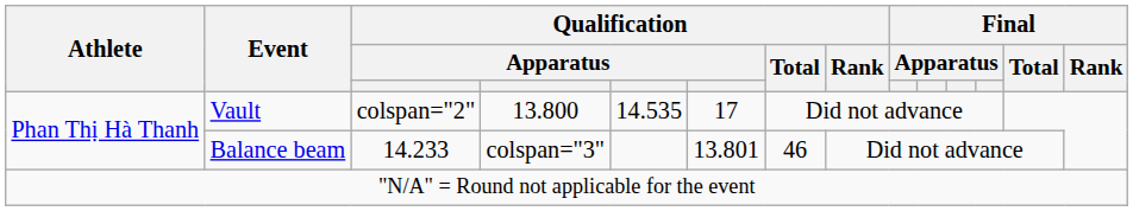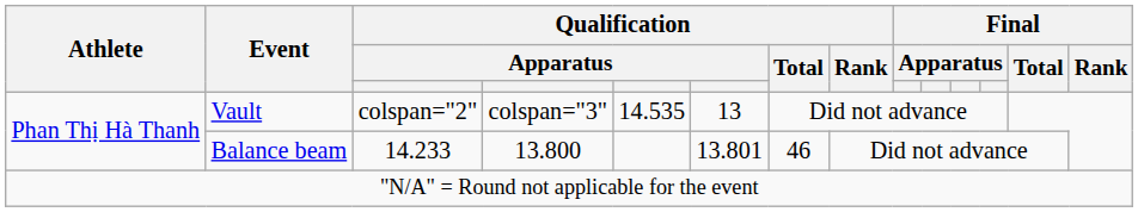 <table class="wikitable" style="font-size:92%">
 <tr>
 <th rowspan="3">Athlete</th>
 <th rowspan="3">Event</th>
 <th colspan="6">Qualification</th>
 <th colspan="6">Final</th>
 </tr>
 <tr style="font-size:95%">
 <th colspan="4">Apparatus</th>
 <th rowspan="2">Total</th>
 <th rowspan="2">Rank</th>
 <th colspan="4">Apparatus</th>
 <th rowspan="2">Total</th>
 <th rowspan="2">Rank</th>
 </tr>
 <tr style="font-size:95%">
 <th></th>
 <th></th>
 <th></th>
 <th></th>
 <th></th>
 <th></th>
 <th></th>
 <th></th>
 </tr>
 <tr align="center">
 <td align="left" rowspan="2"><a href='#'>Phan Thị Hà Thanh</a></td>
 <td align="left"><a href='#'>Vault</a></td>
 <td>colspan="2" </td>
-<td>13.800</td>
+<td>colspan="3" </td>
 <td>14.535</td>
-<td>17</td>
+<td>13</td>
 <td colspan="6">Did not advance</td>
 </tr>
 <tr align="center">
 <td align="left"><a href='#'>Balance beam</a></td>
 <td>14.233</td>
-<td>colspan="3" </td>
+<td>13.800</td>
 <td></td>
 <td>13.801</td>
 <td>46</td>
 <td colspan="6">Did not advance</td>
 </tr>
 <tr>
 <td colspan="18" style="font-size:90%; text-align:center;">"N/A" = Round not applicable for the event</td>
 </tr>
 </table>
